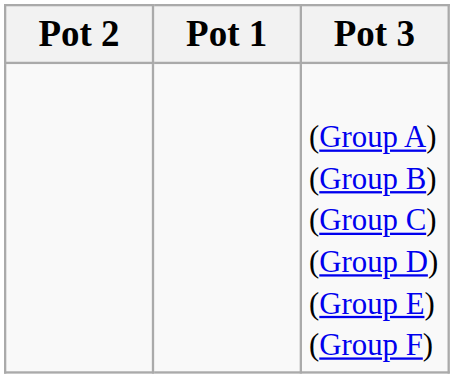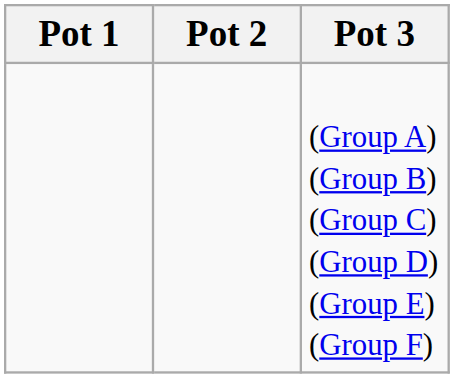 <table class=wikitable>
 <tr>
+<th width=33%>Pot 1</th>
 <th width=33%>Pot 2</th>
-<th width=33%>Pot 1</th>
 <th width=33%>Pot 3</th>
 </tr>
 <tr valign=top>
 <td><br><br> <br> <br></td>
 <td><br><br> <br> <br></td>
 <td><br> <small>(<a href='#'>Group A</a>)</small><br>  <small>(<a href='#'>Group B</a>)</small><br>  <small>(<a href='#'>Group C</a>)</small><br>  <small>(<a href='#'>Group D</a>)</small><br>  <small>(<a href='#'>Group E</a>)</small><br>  <small>(<a href='#'>Group F</a>)</small><br></td>
 </tr>
 </table>
